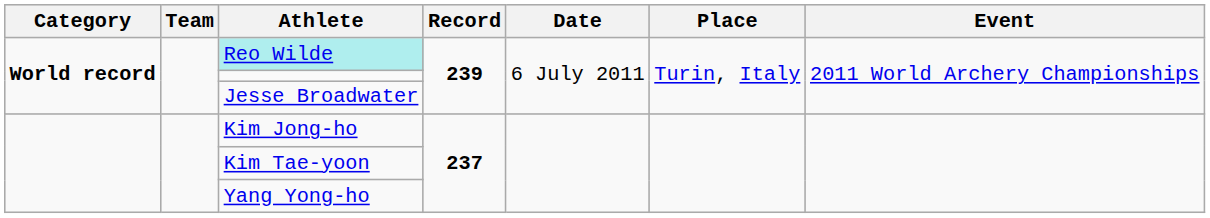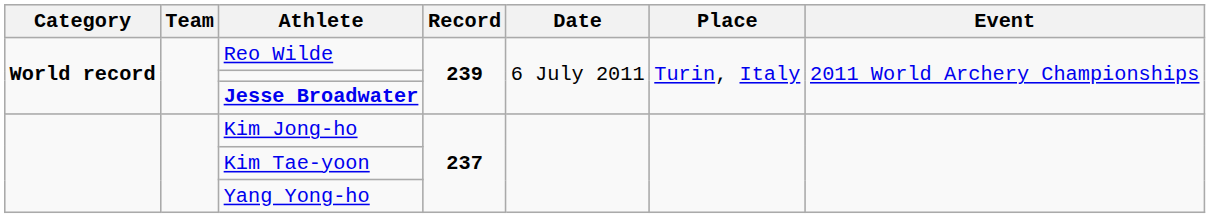 <table class="wikitable" style="text-align:center">
 <tr>
 <th>Category</th>
 <th>Team</th>
 <th>Athlete</th>
 <th>Record</th>
 <th>Date</th>
 <th>Place</th>
 <th>Event</th>
 </tr>
 <tr>
 <td rowspan="3"><strong>World record</strong></td>
 <td rowspan="3" align="left"></td>
-<td align="left" style="background: paleturquoise;"><a href='#'>Reo Wilde</a></td>
+<td align="left"><a href='#'>Reo Wilde</a></td>
 <td rowspan="3"><strong>239</strong></td>
 <td rowspan="3">6 July 2011</td>
 <td rowspan="3"><a href='#'>Turin</a>, <a href='#'>Italy</a></td>
 <td rowspan="3"><a href='#'>2011 World Archery Championships</a></td>
 </tr>
 <tr>
 <td align="left"></td>
 </tr>
 <tr>
-<td align="left"><a href='#'>Jesse Broadwater</a></td>
+<td align="left"><strong><a href='#'>Jesse Broadwater</a></strong></td>
 </tr>
 <tr>
 <td rowspan="3"><strong></strong></td>
 <td rowspan="3" align="left"></td>
 <td align="left"><a href='#'>Kim Jong-ho</a></td>
 <td rowspan="3"><strong>237</strong></td>
 <td rowspan="3"></td>
 <td rowspan="3"></td>
 <td rowspan="3"></td>
 </tr>
 <tr>
 <td align="left"><a href='#'>Kim Tae-yoon</a></td>
 </tr>
 <tr>
 <td align="left"><a href='#'>Yang Yong-ho</a></td>
 </tr>
 </table>
